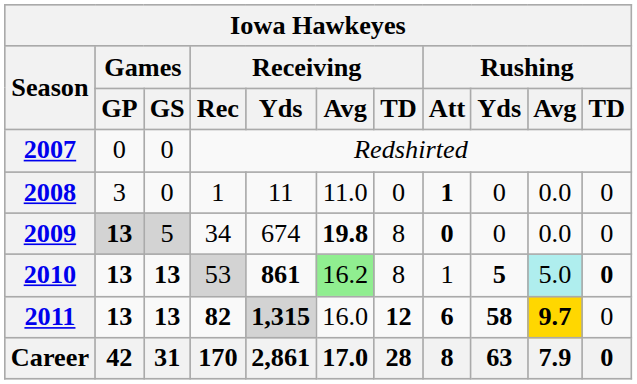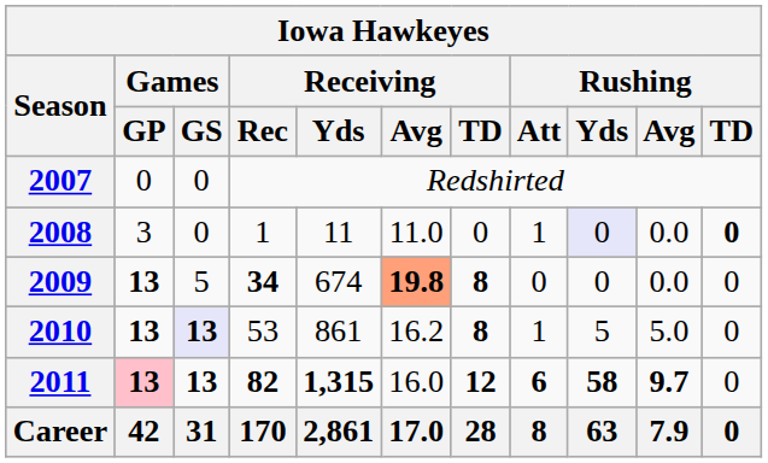 <table class="wikitable" style="text-align:center;">
 <tr>
 <th colspan="15">Iowa Hawkeyes</th>
 </tr>
 <tr>
 <th rowspan="2">Season</th>
 <th colspan="2">Games</th>
 <th colspan="4">Receiving</th>
 <th colspan="4">Rushing</th>
 </tr>
 <tr>
 <th>GP</th>
 <th>GS</th>
 <th>Rec</th>
 <th>Yds</th>
 <th>Avg</th>
 <th>TD</th>
 <th>Att</th>
 <th>Yds</th>
 <th>Avg</th>
 <th>TD</th>
 </tr>
 <tr>
 <th><a href='#'>2007</a></th>
 <td>0</td>
 <td>0</td>
 <td colspan="8"><em>Redshirted</em></td>
 </tr>
 <tr>
 <th><a href='#'>2008</a></th>
 <td>3</td>
 <td>0</td>
 <td>1</td>
 <td>11</td>
 <td>11.0</td>
 <td>0</td>
-<td><strong>1</strong></td>
-<td>0</td>
+<td>1</td>
+<td style="background: lavender;">0</td>
 <td>0.0</td>
-<td>0</td>
+<td><strong>0</strong></td>
 </tr>
 <tr>
 <th><a href='#'>2009</a></th>
-<td style="background: lightgrey;"><strong>13</strong></td>
-<td style="background: lightgrey;">5</td>
-<td>34</td>
+<td><strong>13</strong></td>
+<td>5</td>
+<td><strong>34</strong></td>
 <td>674</td>
-<td><strong>19.8</strong></td>
-<td>8</td>
-<td><strong>0</strong></td>
+<td style="background: lightsalmon;"><strong>19.8</strong></td>
+<td><strong>8</strong></td>
+<td>0</td>
 <td>0</td>
 <td>0.0</td>
 <td>0</td>
 </tr>
 <tr>
 <th><a href='#'>2010</a></th>
 <td><strong>13</strong></td>
-<td><strong>13</strong></td>
-<td style="background: lightgrey;">53</td>
-<td><strong>861</strong></td>
-<td style="background: lightgreen;">16.2</td>
-<td>8</td>
+<td style="background: lavender;"><strong>13</strong></td>
+<td>53</td>
+<td>861</td>
+<td>16.2</td>
+<td><strong>8</strong></td>
 <td>1</td>
-<td><strong>5</strong></td>
-<td style="background: paleturquoise;">5.0</td>
-<td><strong>0</strong></td>
+<td>5</td>
+<td>5.0</td>
+<td>0</td>
 </tr>
 <tr>
 <th><a href='#'>2011</a></th>
-<td><strong>13</strong></td>
+<td style="background: pink;"><strong>13</strong></td>
 <td><strong>13</strong></td>
 <td><strong>82</strong></td>
-<td style="background: lightgrey;"><strong>1,315</strong></td>
+<td><strong>1,315</strong></td>
 <td>16.0</td>
 <td><strong>12</strong></td>
 <td><strong>6</strong></td>
 <td><strong>58</strong></td>
-<td style="background: gold;"><strong>9.7</strong></td>
+<td><strong>9.7</strong></td>
 <td>0</td>
 </tr>
 <tr>
 <th>Career</th>
 <th>42</th>
 <th>31</th>
 <th>170</th>
 <th>2,861</th>
 <th>17.0</th>
 <th>28</th>
 <th>8</th>
 <th>63</th>
 <th>7.9</th>
 <th>0</th>
 </tr>
 </table>
